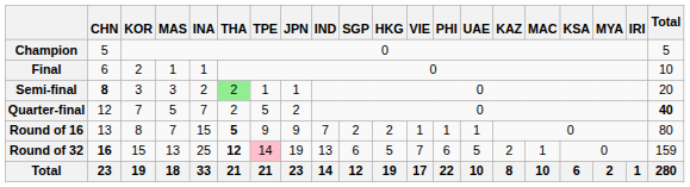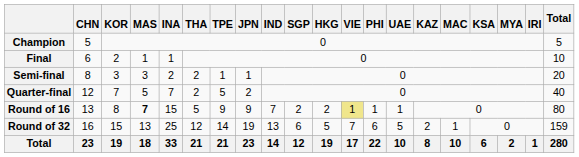 <table class="wikitable">
 <tr>
 <th></th>
 <th> <br>CHN</th>
 <th> <br>KOR</th>
 <th> <br>MAS</th>
 <th> <br>INA</th>
 <th> <br>THA</th>
 <th> <br>TPE</th>
 <th> <br>JPN</th>
 <th> <br>IND</th>
 <th> <br>SGP</th>
 <th> <br>HKG</th>
 <th> <br>VIE</th>
 <th> <br>PHI</th>
 <th> <br>UAE</th>
 <th> <br>KAZ</th>
 <th> <br>MAC</th>
 <th> <br>KSA</th>
 <th> <br>MYA</th>
 <th> <br>IRI</th>
 <th>Total</th>
 </tr>
 <tr align="center">
 <th>Champion</th>
 <td>5</td>
 <td colspan="17">0</td>
 <td>5</td>
 </tr>
 <tr align="center">
 <th>Final</th>
 <td>6</td>
 <td>2</td>
 <td>1</td>
 <td>1</td>
 <td colspan="14">0</td>
 <td>10</td>
 </tr>
 <tr align="center">
 <th>Semi-final</th>
-<td><strong>8</strong></td>
+<td>8</td>
 <td>3</td>
 <td>3</td>
 <td>2</td>
-<td style="background: lightgreen;">2</td>
+<td>2</td>
 <td>1</td>
 <td>1</td>
 <td colspan="11">0</td>
 <td>20</td>
 </tr>
 <tr align="center">
 <th>Quarter-final</th>
 <td>12</td>
 <td>7</td>
 <td>5</td>
 <td>7</td>
 <td>2</td>
 <td>5</td>
 <td>2</td>
 <td colspan="11">0</td>
-<td><strong>40</strong></td>
+<td>40</td>
 </tr>
 <tr align="center">
 <th>Round of 16</th>
 <td>13</td>
 <td>8</td>
-<td>7</td>
+<td><strong>7</strong></td>
 <td>15</td>
-<td><strong>5</strong></td>
+<td>5</td>
 <td>9</td>
 <td>9</td>
 <td>7</td>
 <td>2</td>
 <td>2</td>
-<td>1</td>
+<td style="background: khaki;">1</td>
 <td>1</td>
 <td>1</td>
 <td colspan="5">0</td>
 <td>80</td>
 </tr>
 <tr align="center">
 <th>Round of 32</th>
-<td><strong>16</strong></td>
+<td>16</td>
 <td>15</td>
 <td>13</td>
 <td>25</td>
-<td><strong>12</strong></td>
-<td style="background: pink;">14</td>
+<td>12</td>
+<td>14</td>
 <td>19</td>
 <td>13</td>
 <td>6</td>
 <td>5</td>
 <td>7</td>
 <td>6</td>
 <td>5</td>
 <td>2</td>
 <td>1</td>
 <td colspan="3">0</td>
 <td>159</td>
 </tr>
 <tr align="center">
 <th>Total</th>
 <th>23</th>
 <th>19</th>
 <th>18</th>
 <th>33</th>
 <th>21</th>
 <th>21</th>
 <th>23</th>
 <th>14</th>
 <th>12</th>
 <th>19</th>
 <th>17</th>
 <th>22</th>
 <th>10</th>
 <th>8</th>
 <th>10</th>
 <th>6</th>
 <th>2</th>
 <th>1</th>
 <th>280</th>
 </tr>
 </table>
